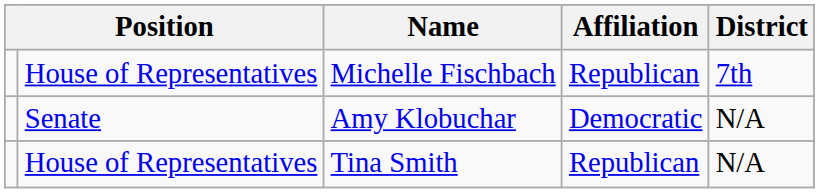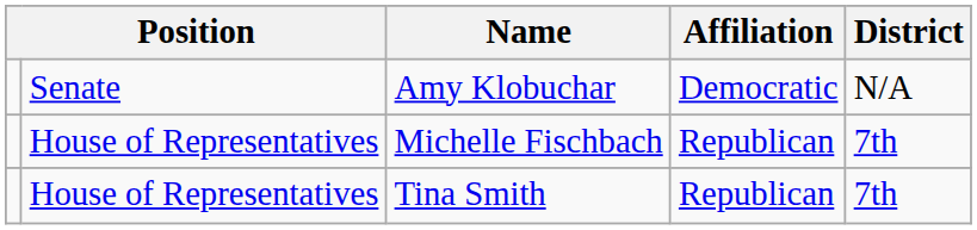 <table class="wikitable">
 <tr>
 <th colspan="2">Position</th>
 <th>Name</th>
 <th>Affiliation</th>
 <th>District</th>
-</tr>
-<tr>
-<td style="background-color:"></td>
-<td><a href='#'>House of Representatives</a></td>
-<td><a href='#'>Michelle Fischbach</a></td>
-<td><a href='#'>Republican</a></td>
-<td><a href='#'>7th</a></td>
 </tr>
 <tr>
 <td style="background-color:"></td>
 <td><a href='#'>Senate</a></td>
 <td><a href='#'>Amy Klobuchar</a></td>
 <td><a href='#'>Democratic</a></td>
 <td>N/A</td>
 </tr>
 <tr>
 <td style="background-color:"></td>
 <td><a href='#'>House of Representatives</a></td>
+<td><a href='#'>Michelle Fischbach</a></td>
+<td><a href='#'>Republican</a></td>
+<td><a href='#'>7th</a></td>
+</tr>
+<tr>
+<td style="background-color:"></td>
+<td><a href='#'>House of Representatives</a></td>
 <td><a href='#'>Tina Smith</a></td>
 <td><a href='#'>Republican</a></td>
-<td>N/A</td>
+<td><a href='#'>7th</a></td>
 </tr>
 </table>
